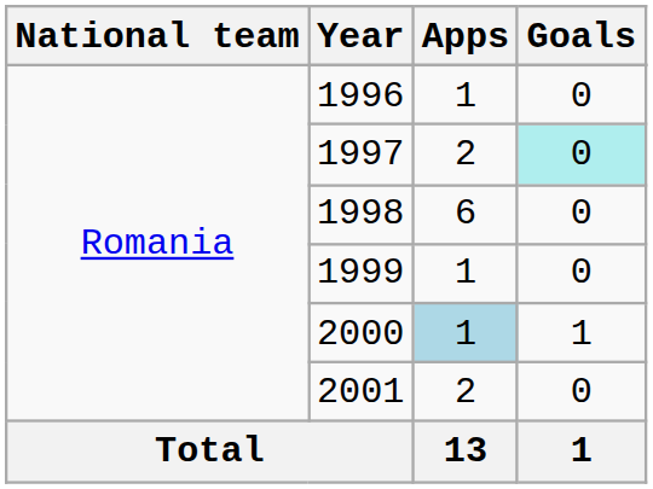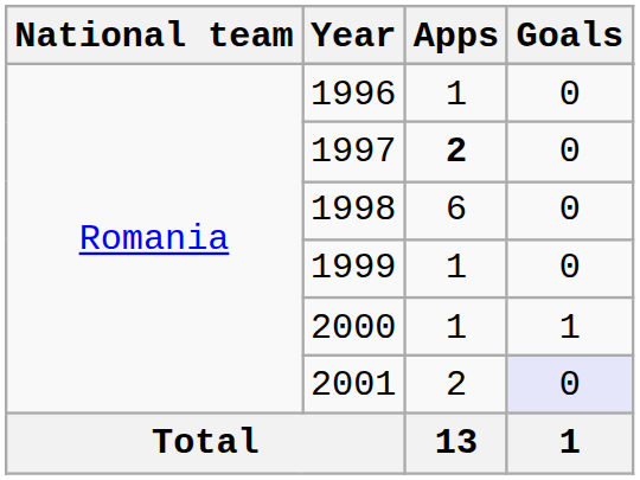 <table class=wikitable style="text-align: center;">
 <tr>
 <th>National team</th>
 <th>Year</th>
 <th>Apps</th>
 <th>Goals</th>
 </tr>
 <tr>
 <td rowspan="7"><a href='#'>Romania</a></td>
 </tr>
 <tr>
 <td>1996</td>
 <td>1</td>
 <td>0</td>
 </tr>
 <tr>
 <td>1997</td>
-<td>2</td>
-<td style="background: paleturquoise;">0</td>
+<td><strong>2</strong></td>
+<td>0</td>
 </tr>
 <tr>
 <td>1998</td>
 <td>6</td>
 <td>0</td>
 </tr>
 <tr>
 <td>1999</td>
 <td>1</td>
 <td>0</td>
 </tr>
 <tr>
 <td>2000</td>
-<td style="background: lightblue;">1</td>
+<td>1</td>
 <td>1</td>
 </tr>
 <tr>
 <td>2001</td>
 <td>2</td>
-<td>0</td>
+<td style="background: lavender;">0</td>
 </tr>
 <tr>
 <th colspan=2>Total</th>
 <th>13</th>
 <th>1</th>
 </tr>
 </table>
